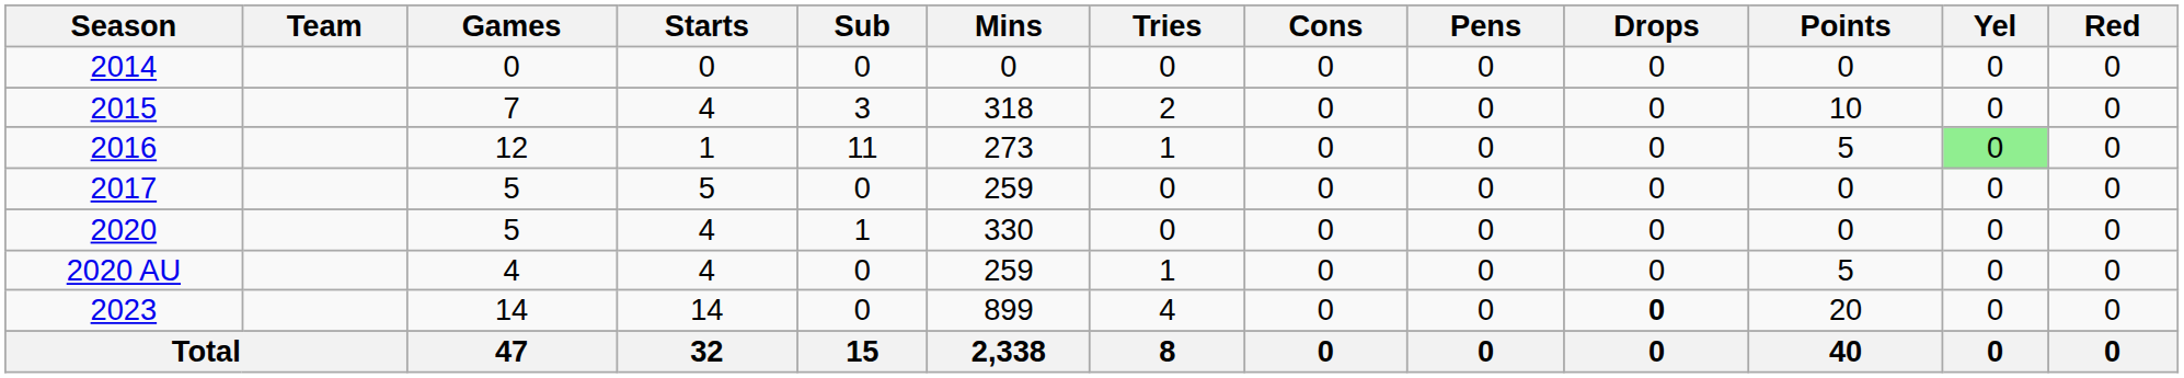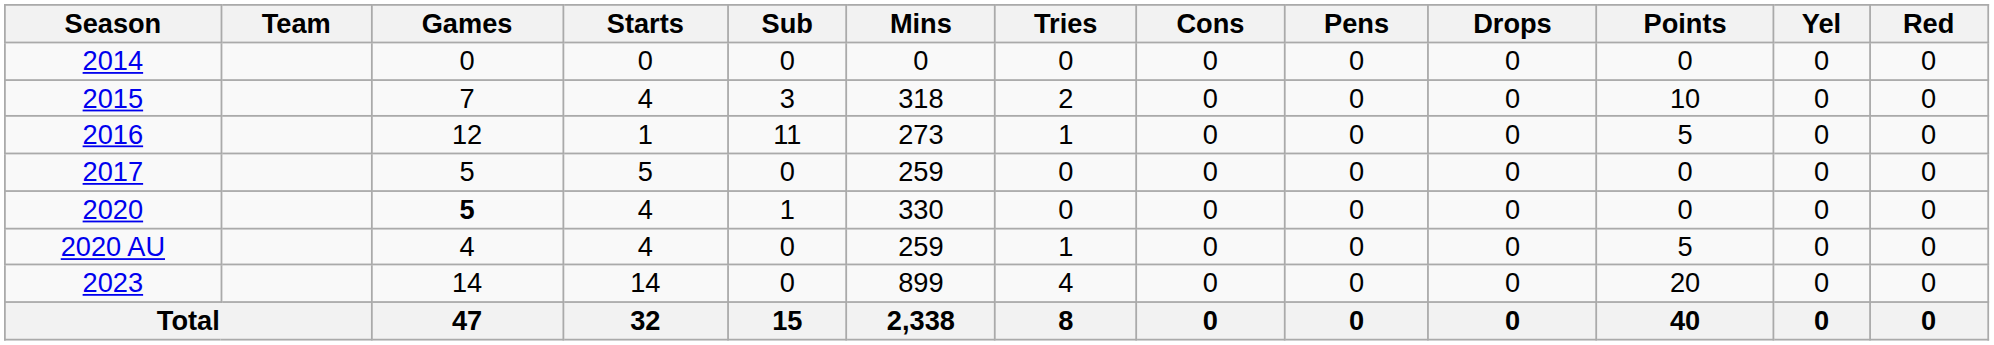 <table class="wikitable" style="text-align:center; line-height:90%; font-size:95%; width:70%;">
 <tr>
 <th>Season</th>
 <th>Team</th>
 <th>Games</th>
 <th>Starts</th>
 <th>Sub</th>
 <th>Mins</th>
 <th>Tries</th>
 <th>Cons</th>
 <th>Pens</th>
 <th>Drops</th>
 <th>Points</th>
 <th>Yel</th>
 <th>Red</th>
 </tr>
 <tr>
 <td><a href='#'>2014</a></td>
 <td></td>
 <td>0</td>
 <td>0</td>
 <td>0</td>
 <td>0</td>
 <td>0</td>
 <td>0</td>
 <td>0</td>
 <td>0</td>
 <td>0</td>
 <td>0</td>
 <td>0</td>
 </tr>
 <tr>
 <td><a href='#'>2015</a></td>
 <td></td>
 <td>7</td>
 <td>4</td>
 <td>3</td>
 <td>318</td>
 <td>2</td>
 <td>0</td>
 <td>0</td>
 <td>0</td>
 <td>10</td>
 <td>0</td>
 <td>0</td>
 </tr>
 <tr>
 <td><a href='#'>2016</a></td>
 <td></td>
 <td>12</td>
 <td>1</td>
 <td>11</td>
 <td>273</td>
 <td>1</td>
 <td>0</td>
 <td>0</td>
 <td>0</td>
 <td>5</td>
-<td style="background: lightgreen;">0</td>
+<td>0</td>
 <td>0</td>
 </tr>
 <tr>
 <td><a href='#'>2017</a></td>
 <td></td>
 <td>5</td>
 <td>5</td>
 <td>0</td>
 <td>259</td>
 <td>0</td>
 <td>0</td>
 <td>0</td>
 <td>0</td>
 <td>0</td>
 <td>0</td>
 <td>0</td>
 </tr>
 <tr>
 <td><a href='#'>2020</a></td>
 <td></td>
-<td>5</td>
+<td><strong>5</strong></td>
 <td>4</td>
 <td>1</td>
 <td>330</td>
 <td>0</td>
 <td>0</td>
 <td>0</td>
 <td>0</td>
 <td>0</td>
 <td>0</td>
 <td>0</td>
 </tr>
 <tr>
 <td><a href='#'>2020 AU</a></td>
 <td></td>
 <td>4</td>
 <td>4</td>
 <td>0</td>
 <td>259</td>
 <td>1</td>
 <td>0</td>
 <td>0</td>
 <td>0</td>
 <td>5</td>
 <td>0</td>
 <td>0</td>
 </tr>
 <tr>
 <td><a href='#'>2023</a></td>
 <td></td>
 <td>14</td>
 <td>14</td>
 <td>0</td>
 <td>899</td>
 <td>4</td>
 <td>0</td>
 <td>0</td>
-<td><strong>0</strong></td>
+<td>0</td>
 <td>20</td>
 <td>0</td>
 <td>0</td>
 </tr>
 <tr>
 <th colspan="2">Total</th>
 <th>47</th>
 <th>32</th>
 <th>15</th>
 <th>2,338</th>
 <th>8</th>
 <th>0</th>
 <th>0</th>
 <th>0</th>
 <th>40</th>
 <th>0</th>
 <th>0</th>
 </tr>
 </table>
